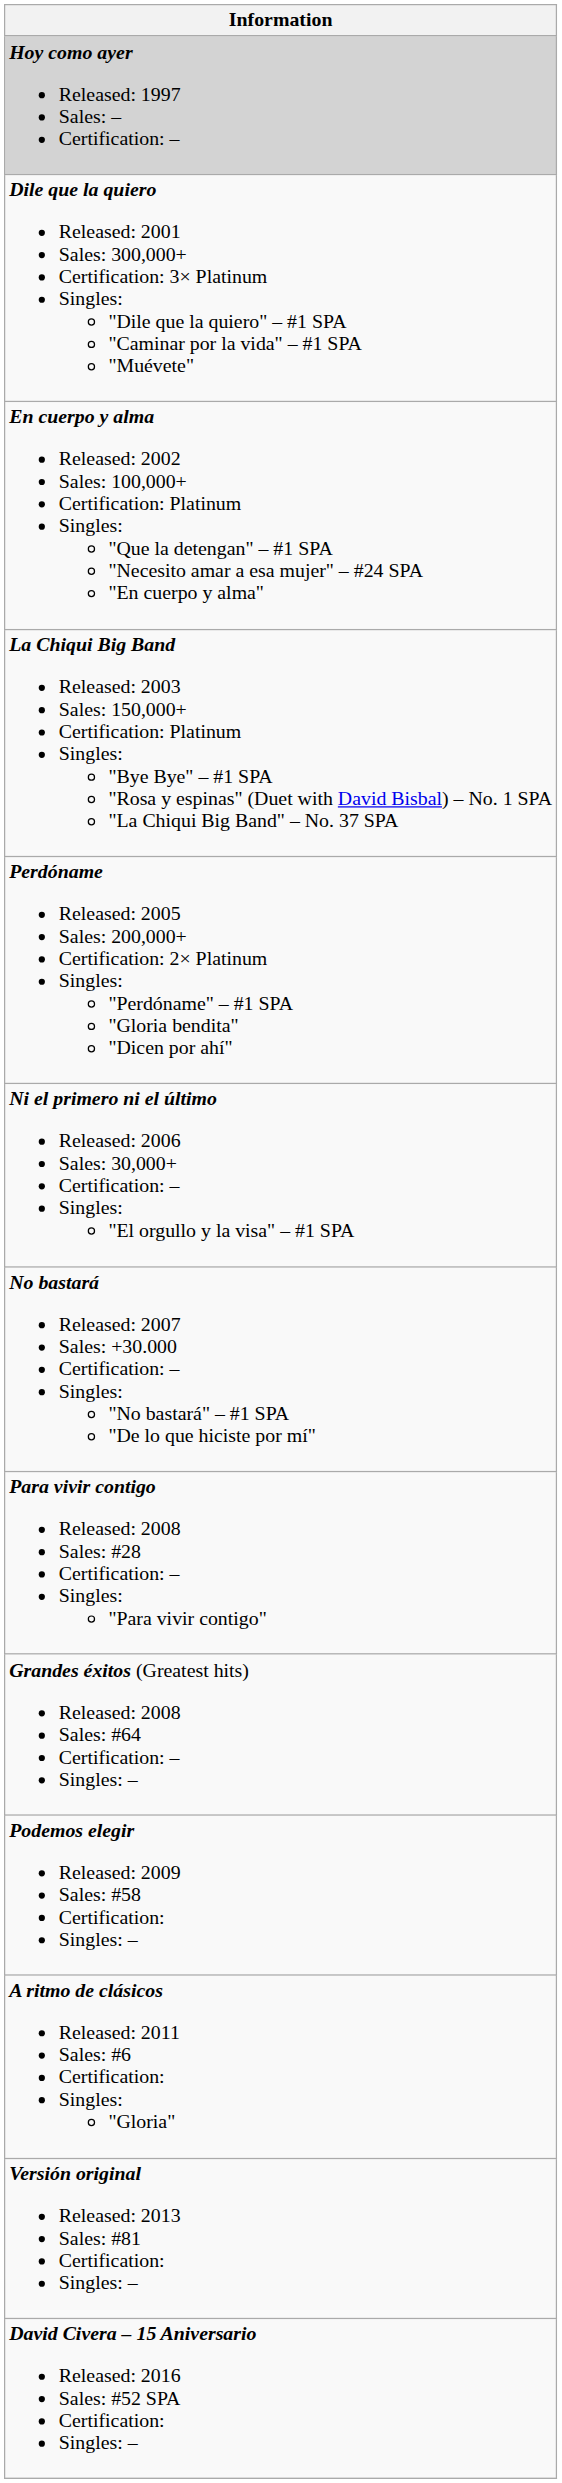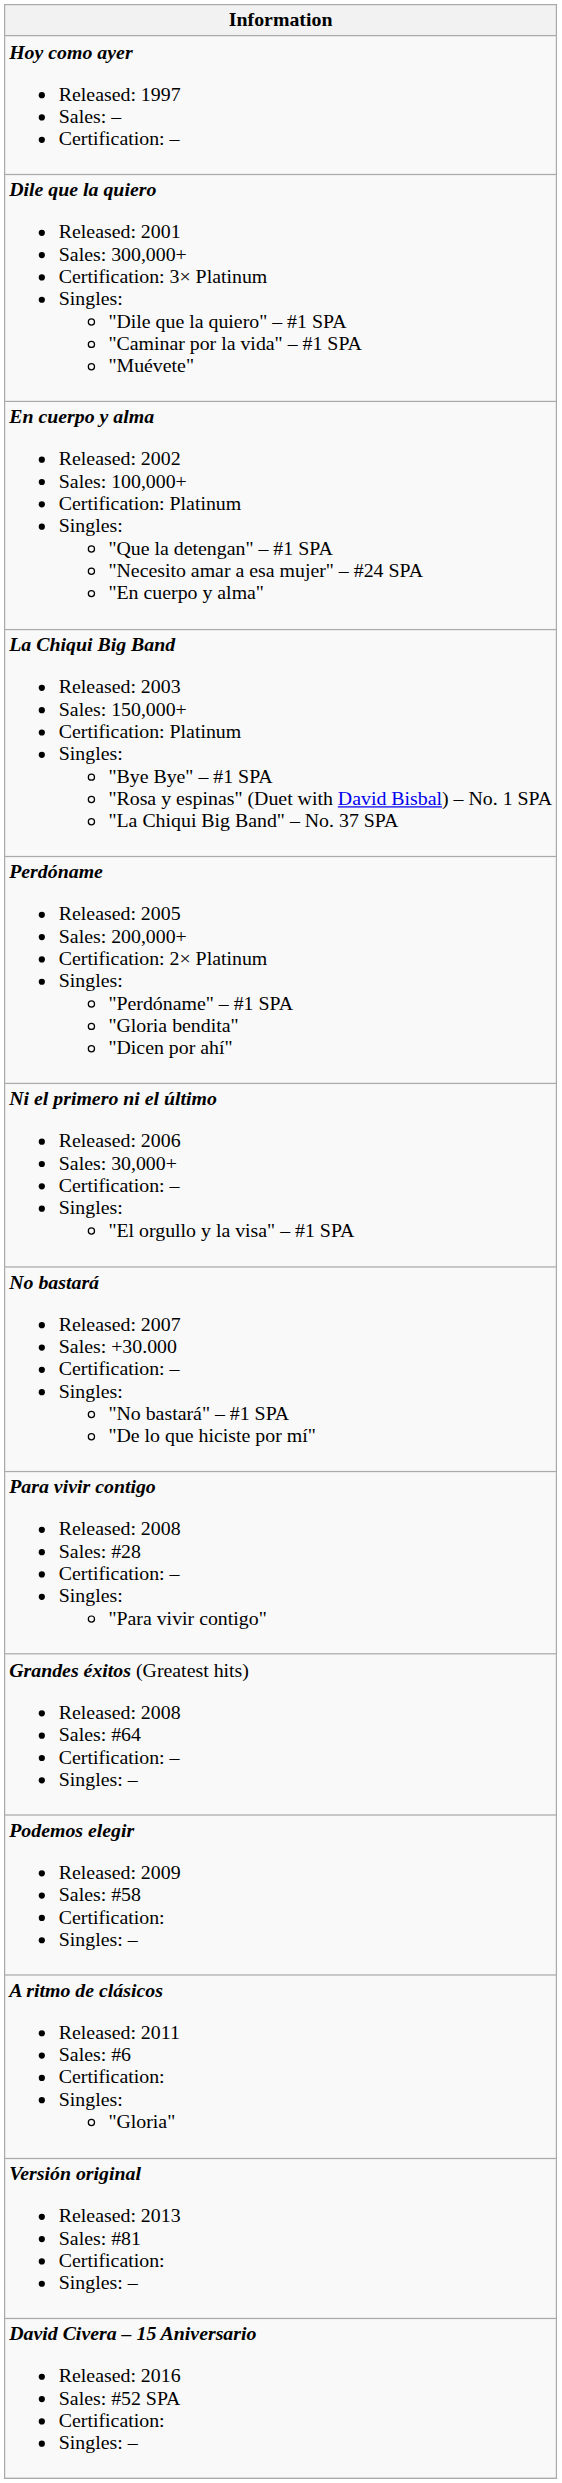 <table class="wikitable">
 <tr>
 <th align="left">Information</th>
 </tr>
 <tr>
-<td align="left" style="background: lightgrey;"><strong><em>Hoy como ayer</em></strong><br><ul><li>Released: 1997</li><li>Sales: –</li><li>Certification: –</li></ul></td>
+<td align="left"><strong><em>Hoy como ayer</em></strong><br><ul><li>Released: 1997</li><li>Sales: –</li><li>Certification: –</li></ul></td>
 </tr>
 <tr>
 <td align="left"><strong><em>Dile que la quiero</em></strong><br><ul><li>Released: 2001</li><li>Sales: 300,000+</li><li>Certification: 3× Platinum</li><li>Singles:<ul><li>"Dile que la quiero" – #1 SPA</li><li>"Caminar por la vida" – #1 SPA</li><li>"Muévete"</li></ul></li></ul></td>
 </tr>
 <tr>
 <td align="left"><strong><em>En cuerpo y alma</em></strong><br><ul><li>Released: 2002</li><li>Sales: 100,000+</li><li>Certification: Platinum</li><li>Singles:<ul><li>"Que la detengan" – #1 SPA</li><li>"Necesito amar a esa mujer" – #24 SPA</li><li>"En cuerpo y alma"</li></ul></li></ul></td>
 </tr>
 <tr>
 <td align="left"><strong><em>La Chiqui Big Band</em></strong><br><ul><li>Released: 2003</li><li>Sales: 150,000+</li><li>Certification: Platinum</li><li>Singles:<ul><li>"Bye Bye" – #1 SPA</li><li>"Rosa y espinas" (Duet with <a href='#'>David Bisbal</a>) – No. 1 SPA</li><li>"La Chiqui Big Band" – No. 37 SPA</li></ul></li></ul></td>
 </tr>
 <tr>
 <td align="left"><strong><em>Perdóname</em></strong><br><ul><li>Released: 2005</li><li>Sales: 200,000+</li><li>Certification: 2× Platinum</li><li>Singles:<ul><li>"Perdóname" – #1 SPA</li><li>"Gloria bendita"</li><li>"Dicen por ahí"</li></ul></li></ul></td>
 </tr>
 <tr>
 <td align="left"><strong><em>Ni el primero ni el último</em></strong><br><ul><li>Released: 2006</li><li>Sales: 30,000+</li><li>Certification: –</li><li>Singles:<ul><li>"El orgullo y la visa" – #1 SPA</li></ul></li></ul></td>
 </tr>
 <tr>
 <td align="left"><strong><em>No bastará</em></strong><br><ul><li>Released: 2007</li><li>Sales: +30.000</li><li>Certification: –</li><li>Singles:<ul><li>"No bastará" – #1 SPA</li><li>"De lo que hiciste por mí"</li></ul></li></ul></td>
 </tr>
 <tr>
 <td align="left"><strong><em>Para vivir contigo</em></strong><br><ul><li>Released: 2008</li><li>Sales: #28</li><li>Certification: –</li><li>Singles:<ul><li>"Para vivir contigo"</li></ul></li></ul></td>
 </tr>
 <tr>
 <td align="left"><strong><em>Grandes éxitos</em></strong> (Greatest hits)<br><ul><li>Released: 2008</li><li>Sales: #64</li><li>Certification: –</li><li>Singles: –</li></ul></td>
 </tr>
 <tr>
 <td align="left"><strong><em>Podemos elegir</em></strong><br><ul><li>Released: 2009</li><li>Sales: #58</li><li>Certification:</li><li>Singles: –</li></ul></td>
 </tr>
 <tr>
 <td align="left"><strong><em>A ritmo de clásicos</em></strong><br><ul><li>Released: 2011</li><li>Sales: #6</li><li>Certification:</li><li>Singles:<ul><li>"Gloria"</li></ul></li></ul></td>
 </tr>
 <tr>
 <td align="left"><strong><em>Versión original</em></strong><br><ul><li>Released: 2013</li><li>Sales: #81</li><li>Certification:</li><li>Singles: –</li></ul></td>
 </tr>
 <tr>
 <td align="left"><strong><em>David Civera – 15 Aniversario</em></strong><br><ul><li>Released: 2016</li><li>Sales: #52 SPA</li><li>Certification:</li><li>Singles: –</li></ul></td>
 </tr>
 <tr>
 </tr>
 </table>
